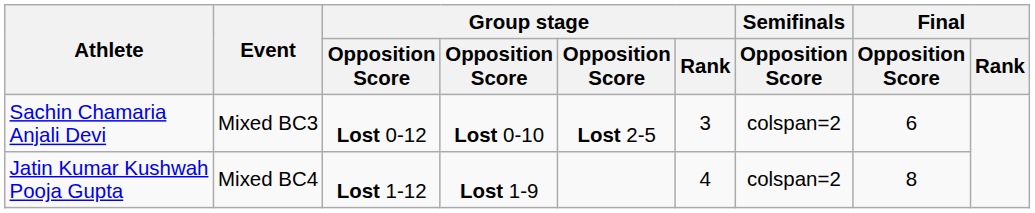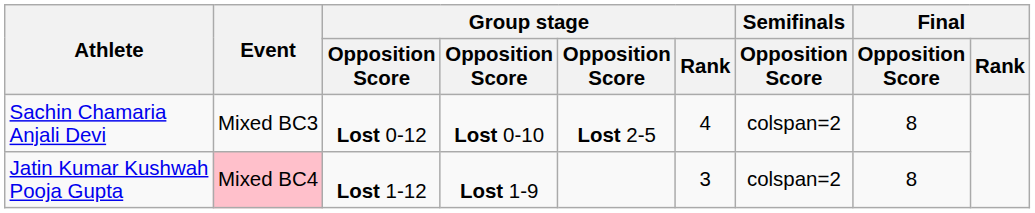 <table class="wikitable" style="text-align:center; font-size:87%">
 <tr>
 <th rowspan="2">Athlete</th>
 <th rowspan="2">Event</th>
 <th colspan="4">Group stage</th>
 <th>Semifinals</th>
 <th colspan="2">Final</th>
 </tr>
 <tr>
 <th>Opposition<br>Score</th>
 <th>Opposition<br>Score</th>
 <th>Opposition<br>Score</th>
 <th>Rank</th>
 <th>Opposition<br>Score</th>
 <th>Opposition<br>Score</th>
 <th>Rank</th>
 </tr>
 <tr>
 <td align="left"><a href='#'>Sachin Chamaria</a><br><a href='#'>Anjali Devi</a></td>
 <td>Mixed BC3</td>
 <td><br><strong>Lost</strong> 0-12</td>
 <td><br><strong>Lost</strong> 0-10</td>
 <td><br><strong>Lost</strong> 2-5</td>
-<td>3</td>
-<td>colspan=2 </td>
-<td>6</td>
-</tr>
-<tr>
-<td align="left"><a href='#'>Jatin Kumar Kushwah</a><br><a href='#'>Pooja Gupta</a></td>
-<td>Mixed BC4</td>
-<td><br><strong>Lost</strong> 1-12</td>
-<td><br><strong>Lost</strong> 1-9</td>
-<td></td>
 <td>4</td>
 <td>colspan=2 </td>
 <td>8</td>
 </tr>
+<tr>
+<td align="left"><a href='#'>Jatin Kumar Kushwah</a><br><a href='#'>Pooja Gupta</a></td>
+<td style="background: pink;">Mixed BC4</td>
+<td><br><strong>Lost</strong> 1-12</td>
+<td><br><strong>Lost</strong> 1-9</td>
+<td></td>
+<td>3</td>
+<td>colspan=2 </td>
+<td>8</td>
+</tr>
 </table>
